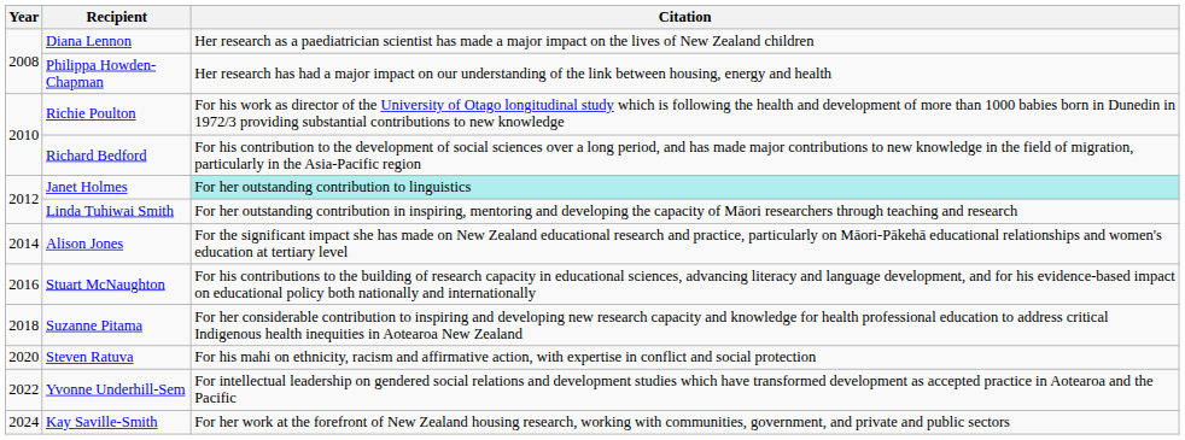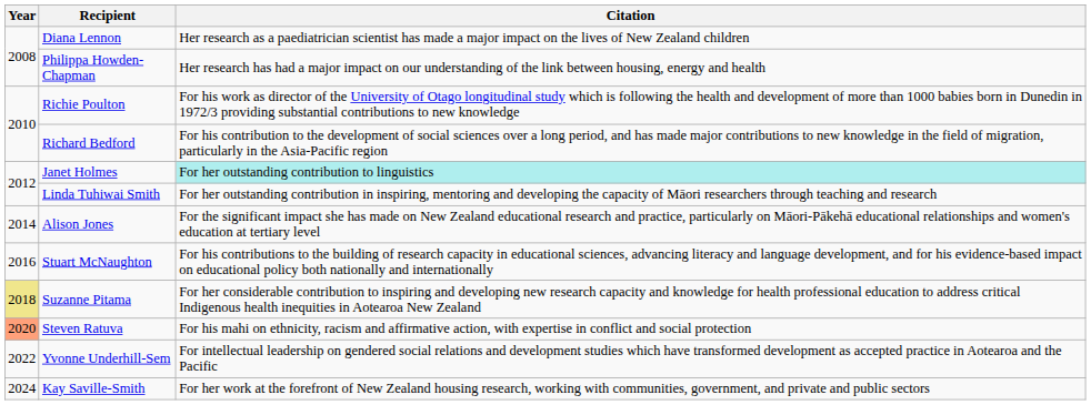 <table class="wikitable">
 <tr>
 <th>Year</th>
 <th>Recipient</th>
 <th>Citation</th>
 </tr>
 <tr>
 <td rowspan=2>2008</td>
 <td><a href='#'>Diana Lennon</a></td>
 <td>Her research as a paediatrician scientist has made a major impact on the lives of New Zealand children</td>
 </tr>
 <tr>
 <td><a href='#'>Philippa Howden-Chapman</a></td>
 <td>Her research has had a major impact on our understanding of the link between housing, energy and health</td>
 </tr>
 <tr>
 <td rowspan=2>2010</td>
 <td><a href='#'>Richie Poulton</a></td>
 <td>For his work as director of the <a href='#'>University of Otago longitudinal study</a> which is following the health and development of more than 1000 babies born in Dunedin in 1972/3 providing substantial contributions to new knowledge</td>
 </tr>
 <tr>
 <td><a href='#'>Richard Bedford</a></td>
 <td>For his contribution to the development of social sciences over a long period, and has made major contributions to new knowledge in the field of migration, particularly in the Asia-Pacific region</td>
 </tr>
 <tr>
 <td rowspan=2>2012</td>
 <td><a href='#'>Janet Holmes</a></td>
 <td style="background: paleturquoise;">For her outstanding contribution to linguistics</td>
 </tr>
 <tr>
 <td><a href='#'>Linda Tuhiwai Smith</a></td>
 <td>For her outstanding contribution in inspiring, mentoring and developing the capacity of Māori researchers through teaching and research</td>
 </tr>
 <tr>
 <td>2014</td>
 <td><a href='#'>Alison Jones</a></td>
 <td>For the significant impact she has made on New Zealand educational research and practice, particularly on Māori-Pākehā educational relationships and women's education at tertiary level</td>
 </tr>
 <tr>
 <td>2016</td>
 <td><a href='#'>Stuart McNaughton</a></td>
 <td>For his contributions to the building of research capacity in educational sciences, advancing literacy and language development, and for his evidence-based impact on educational policy both nationally and internationally</td>
 </tr>
 <tr>
-<td>2018</td>
+<td style="background: khaki;">2018</td>
 <td><a href='#'>Suzanne Pitama</a></td>
 <td>For her considerable contribution to inspiring and developing new research capacity and knowledge for health professional education to address critical Indigenous health inequities in Aotearoa New Zealand</td>
 </tr>
 <tr>
-<td>2020</td>
+<td style="background: lightsalmon;">2020</td>
 <td><a href='#'>Steven Ratuva</a></td>
 <td>For his mahi on ethnicity, racism and affirmative action, with expertise in conflict and social protection</td>
 </tr>
 <tr>
 <td>2022</td>
 <td><a href='#'>Yvonne Underhill-Sem</a></td>
 <td>For intellectual leadership on gendered social relations and development studies which have transformed development as accepted practice in Aotearoa and the Pacific</td>
 </tr>
 <tr>
 <td>2024</td>
 <td><a href='#'>Kay Saville-Smith</a></td>
 <td>For her work at the forefront of New Zealand housing research, working with communities, government, and private and public sectors</td>
 </tr>
 </table>
